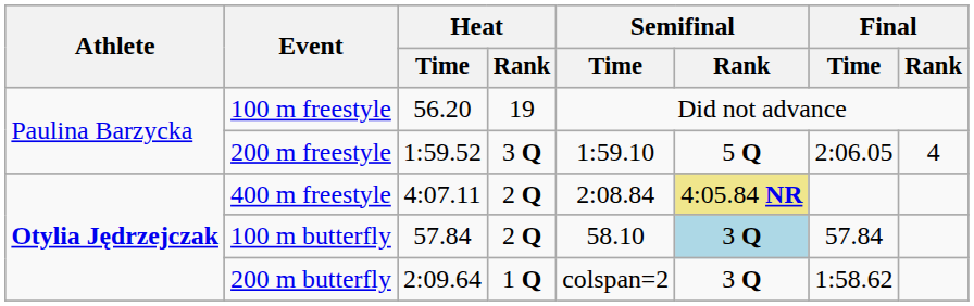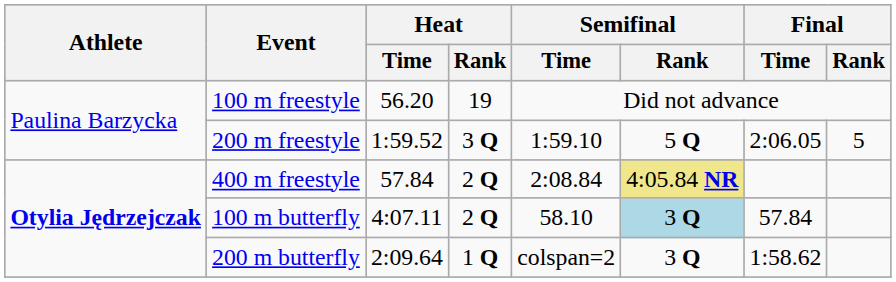 <table class=wikitable style="font-size:90%">
 <tr>
 <th rowspan="2">Athlete</th>
 <th rowspan="2">Event</th>
 <th colspan="2">Heat</th>
 <th colspan="2">Semifinal</th>
 <th colspan="2">Final</th>
 </tr>
 <tr style="font-size:95%">
 <th>Time</th>
 <th>Rank</th>
 <th>Time</th>
 <th>Rank</th>
 <th>Time</th>
 <th>Rank</th>
 </tr>
 <tr align=center>
 <td align=left rowspan=2><a href='#'>Paulina Barzycka</a></td>
 <td align=left><a href='#'>100 m freestyle</a></td>
 <td>56.20</td>
 <td>19</td>
 <td colspan=4>Did not advance</td>
 </tr>
 <tr align=center>
 <td align=left><a href='#'>200 m freestyle</a></td>
 <td>1:59.52</td>
 <td>3 <strong>Q</strong></td>
 <td>1:59.10</td>
 <td>5 <strong>Q</strong></td>
 <td>2:06.05</td>
-<td>4</td>
+<td>5</td>
 </tr>
 <tr align=center>
 <td align=left rowspan=3><strong><a href='#'>Otylia Jędrzejczak</a></strong></td>
 <td align=left><a href='#'>400 m freestyle</a></td>
-<td>4:07.11</td>
+<td>57.84</td>
 <td>2 <strong>Q</strong></td>
 <td>2:08.84</td>
 <td style="background: khaki;">4:05.84 <strong><a href='#'>NR</a></strong></td>
 <td></td>
 </tr>
 <tr align=center>
 <td align=left><a href='#'>100 m butterfly</a></td>
-<td>57.84</td>
+<td>4:07.11</td>
 <td>2 <strong>Q</strong></td>
 <td>58.10</td>
 <td style="background: lightblue;">3 <strong>Q</strong></td>
 <td>57.84</td>
 <td></td>
 </tr>
 <tr align=center>
 <td align=left><a href='#'>200 m butterfly</a></td>
 <td>2:09.64</td>
 <td>1 <strong>Q</strong></td>
 <td>colspan=2 </td>
 <td>3 <strong>Q</strong></td>
 <td>1:58.62</td>
 <td></td>
 </tr>
 </table>
